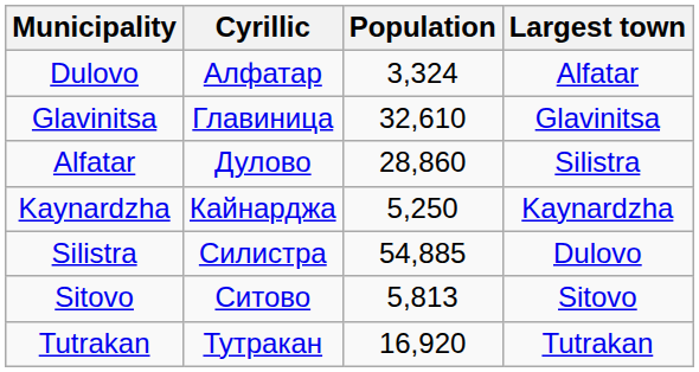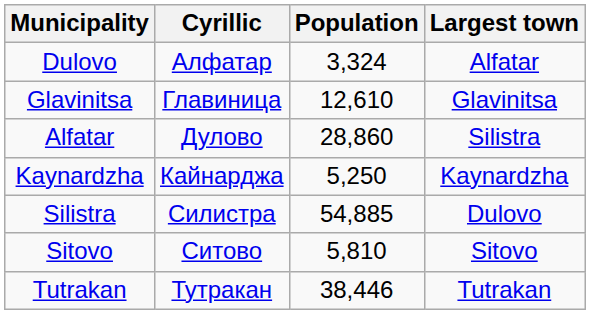 <table class="wikitable" style="text-align:center;" style="font-size: 85%">
 <tr>
 <th>Municipality</th>
 <th>Cyrillic</th>
 <th>Population</th>
 <th>Largest town</th>
 </tr>
 <tr>
 <td><a href='#'>Dulovo</a></td>
 <td><a href='#'>Алфатар</a></td>
 <td>3,324</td>
 <td><a href='#'>Alfatar</a></td>
 </tr>
 <tr>
 <td><a href='#'>Glavinitsa</a></td>
 <td><a href='#'>Главиница</a></td>
-<td>32,610</td>
+<td>12,610</td>
 <td><a href='#'>Glavinitsa</a></td>
 </tr>
 <tr>
 <td><a href='#'>Alfatar</a></td>
 <td><a href='#'>Дулово</a></td>
 <td>28,860</td>
 <td><a href='#'>Silistra</a></td>
 </tr>
 <tr>
 <td><a href='#'>Kaynardzha</a></td>
 <td><a href='#'>Кайнарджа</a></td>
 <td>5,250</td>
 <td><a href='#'>Kaynardzha</a></td>
 </tr>
 <tr>
 <td><a href='#'>Silistra</a></td>
 <td><a href='#'>Силистра</a></td>
 <td>54,885</td>
 <td><a href='#'>Dulovo</a></td>
 </tr>
 <tr>
 <td><a href='#'>Sitovo</a></td>
 <td><a href='#'>Ситово</a></td>
-<td>5,813</td>
+<td>5,810</td>
 <td><a href='#'>Sitovo</a></td>
 </tr>
 <tr>
 <td><a href='#'>Tutrakan</a></td>
 <td><a href='#'>Тутракан</a></td>
-<td>16,920</td>
+<td>38,446</td>
 <td><a href='#'>Tutrakan</a></td>
 </tr>
 </table>
